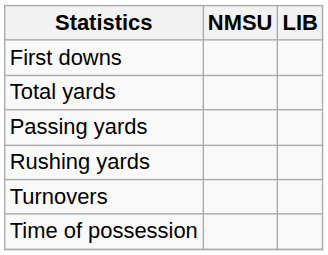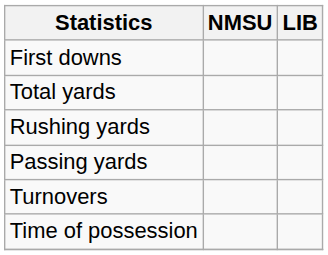 <table class="wikitable" style="float: left;">
 <tr>
 <th>Statistics</th>
 <th>NMSU</th>
 <th>LIB</th>
 </tr>
 <tr>
 <td>First downs</td>
 <td></td>
 <td></td>
 </tr>
 <tr>
 <td>Total yards</td>
 <td></td>
 <td></td>
 </tr>
 <tr>
-<td>Passing yards</td>
+<td>Rushing yards</td>
 <td></td>
 <td></td>
 </tr>
 <tr>
-<td>Rushing yards</td>
+<td>Passing yards</td>
 <td></td>
 <td></td>
 </tr>
 <tr>
 <td>Turnovers</td>
 <td></td>
 <td></td>
 </tr>
 <tr>
 <td>Time of possession</td>
 <td></td>
 <td></td>
 </tr>
 <tr>
 </tr>
 </table>
